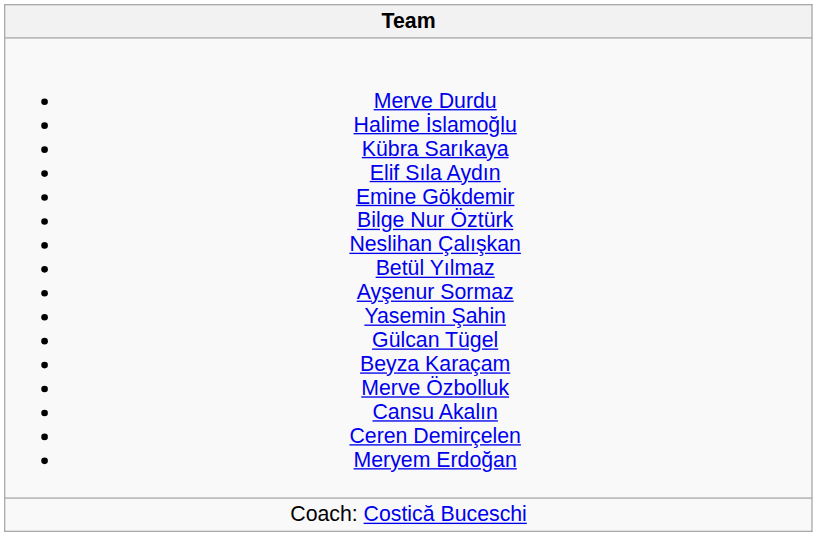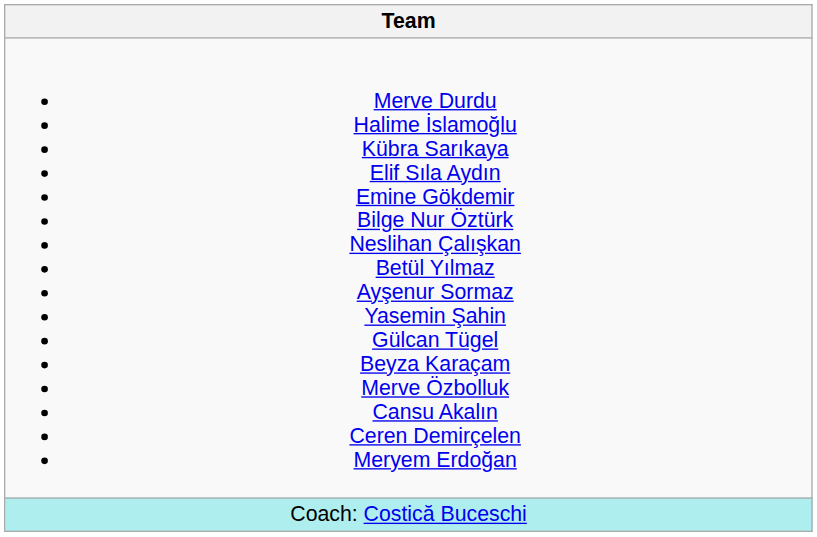 <table class="wikitable" style="text-align: center;">
 <tr>
 <th width=600>Team</th>
 </tr>
 <tr>
 <td><br><ul><li><a href='#'>Merve Durdu</a></li><li><a href='#'>Halime İslamoğlu</a></li><li><a href='#'>Kübra Sarıkaya</a></li><li><a href='#'>Elif Sıla Aydın</a></li><li><a href='#'>Emine Gökdemir</a></li><li><a href='#'>Bilge Nur Öztürk</a></li><li><a href='#'>Neslihan Çalışkan</a></li><li><a href='#'>Betül Yılmaz</a></li><li><a href='#'>Ayşenur Sormaz</a></li><li><a href='#'>Yasemin Şahin</a></li><li><a href='#'>Gülcan Tügel</a></li><li><a href='#'>Beyza Karaçam</a></li><li><a href='#'>Merve Özbolluk</a></li><li><a href='#'>Cansu Akalın</a></li><li><a href='#'>Ceren Demirçelen</a></li><li><a href='#'>Meryem Erdoğan</a></li></ul></td>
 </tr>
 <tr>
-<td>Coach: <a href='#'>Costică Buceschi</a></td>
+<td style="background: paleturquoise;">Coach: <a href='#'>Costică Buceschi</a></td>
 </tr>
 </table>
